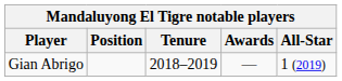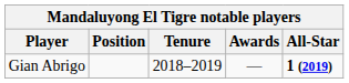 <table class="wikitable sortable" style="text-align:center">
 <tr>
 <th colspan="5">Mandaluyong El Tigre notable players</th>
 </tr>
 <tr>
 <th>Player</th>
 <th>Position</th>
 <th>Tenure</th>
 <th>Awards</th>
 <th>All-Star</th>
 </tr>
 <tr>
 <td>Gian Abrigo</td>
 <td></td>
 <td>2018–2019</td>
 <td>—</td>
-<td align=left>1 <small>(<a href='#'>2019</a>)</small></td>
+<td align=left><strong>1 <small>(<a href='#'>2019</a>)</small></strong></td>
 </tr>
 </table>
